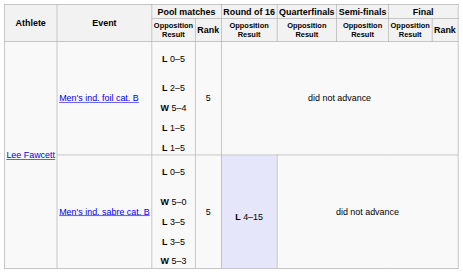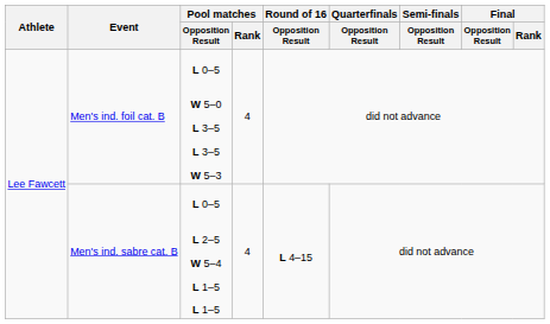 <table class=wikitable style="font-size:90%">
 <tr>
 <th rowspan="2">Athlete</th>
 <th rowspan="2">Event</th>
 <th colspan="2">Pool matches</th>
 <th>Round of 16</th>
 <th>Quarterfinals</th>
 <th>Semi-finals</th>
 <th colspan="2">Final</th>
 </tr>
 <tr>
 <th style="line-height:1em"><small>Opposition<br>Result</small></th>
 <th>Rank</th>
 <th style="line-height:1em"><small>Opposition<br>Result</small></th>
 <th style="line-height:1em"><small>Opposition<br>Result</small></th>
 <th style="line-height:1em"><small>Opposition<br>Result</small></th>
 <th style="line-height:1em"><small>Opposition<br>Result</small></th>
 <th>Rank</th>
 </tr>
 <tr>
 <td rowspan="2"><a href='#'>Lee Fawcett</a></td>
 <td><a href='#'>Men's ind. foil cat. B</a></td>
-<td align="center"><br> <strong>L</strong> 0–5<br><br><br> <strong>L</strong> 2–5<br> <br> <strong>W</strong> 5–4<br> <br> <strong>L</strong> 1–5<br> <br> <strong>L</strong> 1–5</td>
-<td align="center">5</td>
+<td align="center"><br><strong>L</strong> 0–5<br><br><br><strong>W</strong> 5–0<br> <br><strong>L</strong> 3–5<br> <br><strong>L</strong> 3–5<br> <br><strong>W</strong> 5–3</td>
+<td align="center">4</td>
 <td align="center" colspan=5>did not advance</td>
 </tr>
 <tr>
 <td><a href='#'>Men's ind. sabre cat. B</a></td>
-<td align="center"><br><strong>L</strong> 0–5<br><br><br><strong>W</strong> 5–0<br> <br><strong>L</strong> 3–5<br> <br><strong>L</strong> 3–5<br> <br><strong>W</strong> 5–3</td>
-<td align="center">5</td>
-<td align="center" style="background: lavender;"><br><strong>L</strong> 4–15</td>
+<td align="center"><br> <strong>L</strong> 0–5<br><br><br> <strong>L</strong> 2–5<br> <br> <strong>W</strong> 5–4<br> <br> <strong>L</strong> 1–5<br> <br> <strong>L</strong> 1–5</td>
+<td align="center">4</td>
+<td align="center"><br><strong>L</strong> 4–15</td>
 <td align="center" colspan="4">did not advance</td>
 </tr>
 </table>
